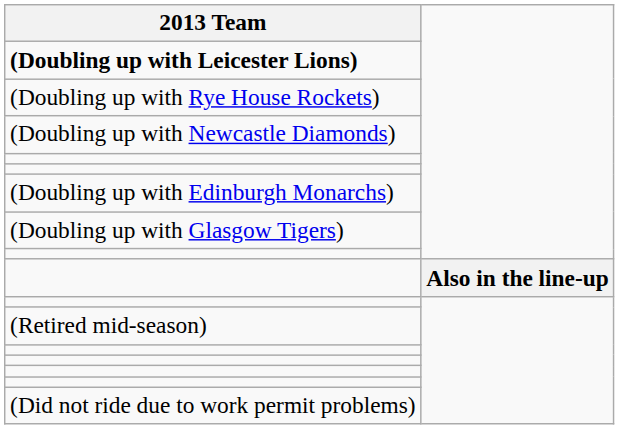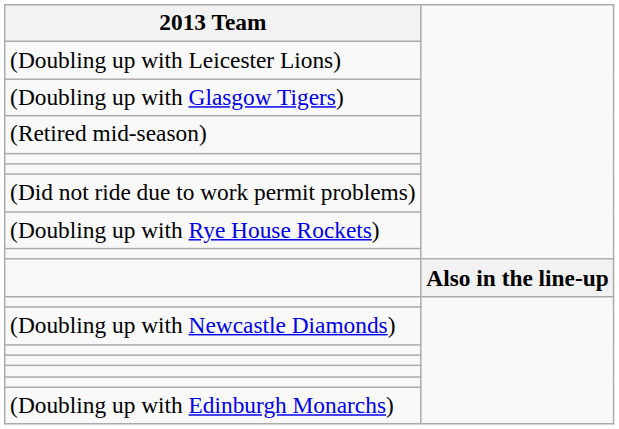 <table class="wikitable collapsible collapsed">
 <tr>
 <th>2013 Team</th>
 </tr>
 <tr>
-<td><strong> (Doubling up with Leicester Lions)</strong></td>
+<td> (Doubling up with Leicester Lions)</td>
 </tr>
 <tr>
-<td> (Doubling up with <a href='#'>Rye House Rockets</a>)</td>
+<td> (Doubling up with <a href='#'>Glasgow Tigers</a>)</td>
 </tr>
 <tr>
-<td> (Doubling up with <a href='#'>Newcastle Diamonds</a>)</td>
+<td> (Retired mid-season)</td>
 </tr>
 <tr>
 <td></td>
 </tr>
 <tr>
 <td></td>
 </tr>
 <tr>
-<td> (Doubling up with <a href='#'>Edinburgh Monarchs</a>)</td>
+<td> (Did not ride due to work permit problems)</td>
 </tr>
 <tr>
-<td> (Doubling up with <a href='#'>Glasgow Tigers</a>)</td>
+<td> (Doubling up with <a href='#'>Rye House Rockets</a>)</td>
 </tr>
 <tr>
 <td></td>
 </tr>
 <tr>
 <td></td>
 <th>Also in the line-up</th>
 </tr>
 <tr>
 <td></td>
 </tr>
 <tr>
-<td> (Retired mid-season)</td>
+<td> (Doubling up with <a href='#'>Newcastle Diamonds</a>)</td>
 </tr>
 <tr>
 <td></td>
 </tr>
 <tr>
 <td></td>
 </tr>
 <tr>
 <td></td>
 </tr>
 <tr>
 <td></td>
 </tr>
 <tr>
-<td> (Did not ride due to work permit problems)</td>
+<td> (Doubling up with <a href='#'>Edinburgh Monarchs</a>)</td>
 </tr>
 </table>
